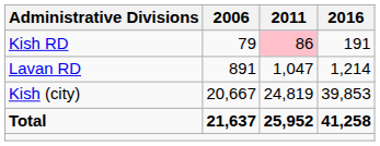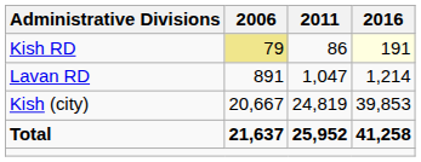 <table class="wikitable">
 <tr>
 <th>Administrative Divisions</th>
 <th>2006</th>
 <th>2011</th>
 <th>2016</th>
 </tr>
 <tr>
 <td><a href='#'>Kish RD</a></td>
-<td style="text-align: right;">79</td>
-<td style="background: pink; text-align: right;">86</td>
-<td style="text-align: right;">191</td>
+<td style="background: khaki; text-align: right;">79</td>
+<td style="text-align: right;">86</td>
+<td style="background: lightyellow; text-align: right;">191</td>
 </tr>
 <tr>
 <td><a href='#'>Lavan RD</a></td>
 <td style="text-align: right;">891</td>
 <td style="text-align: right;">1,047</td>
 <td style="text-align: right;">1,214</td>
 </tr>
 <tr>
 <td><a href='#'>Kish</a> (city)</td>
 <td style="text-align: right;">20,667</td>
 <td style="text-align: right;">24,819</td>
 <td style="text-align: right;">39,853</td>
 </tr>
 <tr>
 <td><strong>Total</strong></td>
 <td style="text-align: right;"><strong>21,637</strong></td>
 <td style="text-align: right;"><strong>25,952</strong></td>
 <td style="text-align: right;"><strong>41,258</strong></td>
 </tr>
 <tr>
 <td colspan=4></td>
 </tr>
 </table>
